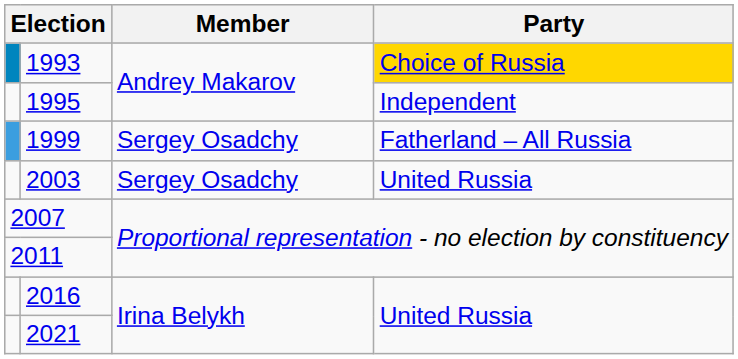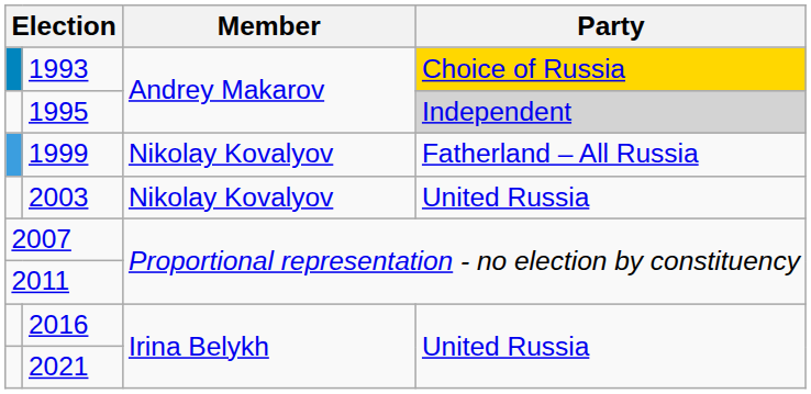 <table class="wikitable">
 <tr>
 <th colspan="2">Election</th>
 <th>Member</th>
 <th>Party</th>
 </tr>
 <tr>
 <td style="background-color:#0085BE"></td>
 <td><a href='#'>1993</a></td>
 <td rowspan=2><a href='#'>Andrey Makarov</a></td>
 <td style="background: gold;"><a href='#'>Choice of Russia</a></td>
 </tr>
 <tr>
 <td style="background-color:"></td>
 <td><a href='#'>1995</a></td>
-<td><a href='#'>Independent</a></td>
+<td style="background: lightgrey;"><a href='#'>Independent</a></td>
 </tr>
 <tr>
 <td style="background-color:#3B9EDF"></td>
 <td><a href='#'>1999</a></td>
-<td><a href='#'>Sergey Osadchy</a></td>
+<td><a href='#'>Nikolay Kovalyov</a></td>
 <td><a href='#'>Fatherland – All Russia</a></td>
 </tr>
 <tr>
 <td style="background-color:"></td>
 <td><a href='#'>2003</a></td>
-<td><a href='#'>Sergey Osadchy</a></td>
+<td><a href='#'>Nikolay Kovalyov</a></td>
 <td><a href='#'>United Russia</a></td>
 </tr>
 <tr>
 <td colspan=2><a href='#'>2007</a></td>
 <td colspan=2 rowspan=2><em><a href='#'>Proportional representation</a> - no election by constituency</em></td>
 </tr>
 <tr>
 <td colspan=2><a href='#'>2011</a></td>
 </tr>
 <tr>
 <td style="background-color:"></td>
 <td><a href='#'>2016</a></td>
 <td rowspan=2><a href='#'>Irina Belykh</a></td>
 <td rowspan=2><a href='#'>United Russia</a></td>
 </tr>
 <tr>
 <td style="background-color:"></td>
 <td><a href='#'>2021</a></td>
 </tr>
 </table>
